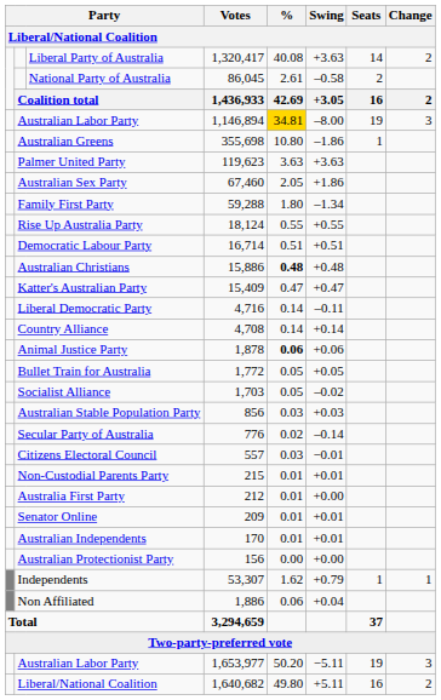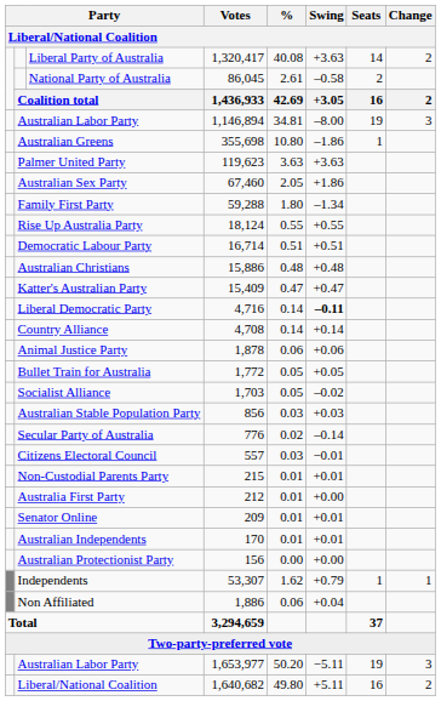 <table class="wikitable">
 <tr>
 <th style="width:200px" colspan=3><strong>Party</strong></th>
 <th style="width:70px; text-align:center;"><strong>Votes</strong></th>
 <th style="width:40px; text-align:center;"><strong>%</strong></th>
 <th style="width:40px; text-align:center;"><strong>Swing</strong></th>
 <th style="width:40px; text-align:center;"><strong>Seats</strong></th>
 <th style="width:40px; text-align:center;"><strong>Change</strong></th>
 </tr>
 <tr>
 <th colspan="8" style="text-align:left;"><a href='#'>Liberal/National Coalition</a></th>
 </tr>
 <tr>
 <td rowspan="3"> </td>
 <td> </td>
 <td><a href='#'>Liberal Party of Australia</a></td>
 <td align=right>1,320,417</td>
 <td align=right>40.08</td>
 <td align=right>+3.63</td>
 <td align=right>14</td>
 <td align=right> 2</td>
 </tr>
 <tr>
 <td> </td>
 <td><a href='#'>National Party of Australia</a></td>
 <td align=right>86,045</td>
 <td align=right>2.61</td>
 <td align=right>–0.58</td>
 <td align=right>2</td>
 <td align=right></td>
 </tr>
 <tr>
 <th colspan="2" style="text-align:left;"><a href='#'>Coalition total</a></th>
 <th style="text-align:right;">1,436,933</th>
 <th style="text-align:right;">42.69</th>
 <th style="text-align:right;">+3.05</th>
 <th style="text-align:right;">16</th>
 <th style="text-align:right;"> 2</th>
 </tr>
 <tr>
 <td> </td>
 <td colspan=2><a href='#'>Australian Labor Party</a></td>
 <td align=right>1,146,894</td>
-<td align=right style="background: gold;">34.81</td>
+<td align=right>34.81</td>
 <td align=right>–8.00</td>
 <td align=right>19</td>
 <td align=right> 3</td>
 </tr>
 <tr>
 <td> </td>
 <td colspan=2><a href='#'>Australian Greens</a></td>
 <td align=right>355,698</td>
 <td align=right>10.80</td>
 <td align=right>–1.86</td>
 <td align=right>1</td>
 <td align=right></td>
 </tr>
 <tr>
 <td> </td>
 <td colspan=2><a href='#'>Palmer United Party</a></td>
 <td align=right>119,623</td>
 <td align=right>3.63</td>
 <td align=right>+3.63</td>
 <td align=right></td>
 <td align=right></td>
 </tr>
 <tr>
 <td> </td>
 <td colspan=2><a href='#'>Australian Sex Party</a></td>
 <td align=right>67,460</td>
 <td align=right>2.05</td>
 <td align=right>+1.86</td>
 <td align=right></td>
 <td align=right></td>
 </tr>
 <tr>
 <td> </td>
 <td colspan=2><a href='#'>Family First Party</a></td>
 <td align=right>59,288</td>
 <td align=right>1.80</td>
 <td align=right>–1.34</td>
 <td align=right></td>
 <td align=right></td>
 </tr>
 <tr>
 <td> </td>
 <td colspan=2><a href='#'>Rise Up Australia Party</a></td>
 <td align=right>18,124</td>
 <td align=right>0.55</td>
 <td align=right>+0.55</td>
 <td align=right></td>
 <td align=right></td>
 </tr>
 <tr>
 <td> </td>
 <td colspan=2><a href='#'>Democratic Labour Party</a></td>
 <td align=right>16,714</td>
 <td align=right>0.51</td>
 <td align=right>+0.51</td>
 <td align=right></td>
 <td align=right></td>
 </tr>
 <tr>
 <td> </td>
 <td colspan=2><a href='#'>Australian Christians</a></td>
 <td align=right>15,886</td>
-<td align=right><strong>0.48</strong></td>
+<td align=right>0.48</td>
 <td align=right>+0.48</td>
 <td align=right></td>
 <td align=right></td>
 </tr>
 <tr>
 <td> </td>
 <td colspan=2><a href='#'>Katter's Australian Party</a></td>
 <td align=right>15,409</td>
 <td align=right>0.47</td>
 <td align=right>+0.47</td>
 <td align=right></td>
 <td align=right></td>
 </tr>
 <tr>
 <td> </td>
 <td colspan=2><a href='#'>Liberal Democratic Party</a></td>
 <td align=right>4,716</td>
 <td align=right>0.14</td>
-<td align=right>–0.11</td>
+<td align=right><strong>–0.11</strong></td>
 <td align=right></td>
 <td align=right></td>
 </tr>
 <tr>
 <td> </td>
 <td colspan=2><a href='#'>Country Alliance</a></td>
 <td align=right>4,708</td>
 <td align=right>0.14</td>
 <td align=right>+0.14</td>
 <td align=right></td>
 <td align=right></td>
 </tr>
 <tr>
 <td> </td>
 <td colspan=2><a href='#'>Animal Justice Party</a></td>
 <td align=right>1,878</td>
-<td align=right><strong>0.06</strong></td>
+<td align=right>0.06</td>
 <td align=right>+0.06</td>
 <td align=right></td>
 <td align=right></td>
 </tr>
 <tr>
 <td> </td>
 <td colspan=2><a href='#'>Bullet Train for Australia</a></td>
 <td align=right>1,772</td>
 <td align=right>0.05</td>
 <td align=right>+0.05</td>
 <td align=right></td>
 <td align=right></td>
 </tr>
 <tr>
 <td> </td>
 <td colspan=2><a href='#'>Socialist Alliance</a></td>
 <td align=right>1,703</td>
 <td align=right>0.05</td>
 <td align=right>–0.02</td>
 <td align=right></td>
 <td align=right></td>
 </tr>
 <tr>
 <td> </td>
 <td colspan=2><a href='#'>Australian Stable Population Party</a></td>
 <td align=right>856</td>
 <td align=right>0.03</td>
 <td align=right>+0.03</td>
 <td align=right></td>
 <td align=right></td>
 </tr>
 <tr>
 <td> </td>
 <td colspan=2><a href='#'>Secular Party of Australia</a></td>
 <td align=right>776</td>
 <td align=right>0.02</td>
 <td align=right>–0.14</td>
 <td align=right></td>
 <td align=right></td>
 </tr>
 <tr>
 <td> </td>
 <td colspan=2><a href='#'>Citizens Electoral Council</a></td>
 <td align=right>557</td>
 <td align=right>0.03</td>
 <td align=right>−0.01</td>
 <td align=right></td>
 <td align=right></td>
 </tr>
 <tr>
 <td> </td>
 <td colspan=2><a href='#'>Non-Custodial Parents Party</a></td>
 <td align=right>215</td>
 <td align=right>0.01</td>
 <td align=right>+0.01</td>
 <td align=right></td>
 <td align=right></td>
 </tr>
 <tr>
 <td> </td>
 <td colspan=2><a href='#'>Australia First Party</a></td>
 <td align=right>212</td>
 <td align=right>0.01</td>
 <td align=right>+0.00</td>
 <td align=right></td>
 <td align=right></td>
 </tr>
 <tr>
 <td> </td>
 <td colspan=2><a href='#'>Senator Online</a></td>
 <td align=right>209</td>
 <td align=right>0.01</td>
 <td align=right>+0.01</td>
 <td align=right></td>
 <td align=right></td>
 </tr>
 <tr>
 <td> </td>
 <td colspan=2><a href='#'>Australian Independents</a></td>
 <td align=right>170</td>
 <td align=right>0.01</td>
 <td align=right>+0.01</td>
 <td align=right></td>
 <td align=right></td>
 </tr>
 <tr>
 <td> </td>
 <td colspan=2><a href='#'>Australian Protectionist Party</a></td>
 <td align=right>156</td>
 <td align=right>0.00</td>
 <td align=right>+0.00</td>
 <td align=right></td>
 <td align=right></td>
 </tr>
 <tr>
 <td style="background:gray;"> </td>
 <td colspan=2>Independents</td>
 <td align=right>53,307</td>
 <td align=right>1.62</td>
 <td align=right>+0.79</td>
 <td align=right>1</td>
 <td align=right> 1</td>
 </tr>
 <tr>
 <td style="background:gray;"> </td>
 <td colspan=2>Non Affiliated</td>
 <td align=right>1,886</td>
 <td align=right>0.06</td>
 <td align=right>+0.04</td>
 <td align=right></td>
 <td align=right></td>
 </tr>
 <tr>
 <td colspan=3><strong>Total</strong></td>
 <td align=right><strong>3,294,659</strong></td>
 <td align=right> </td>
 <td align=right> </td>
 <td align=right><strong>37</strong></td>
 <td align=right></td>
 </tr>
 <tr>
 <td colspan=8 style="text-align:center; background:#eee;"><strong><a href='#'>Two-party-preferred vote</a></strong></td>
 </tr>
 <tr>
 <td> </td>
 <td colspan=2><a href='#'>Australian Labor Party</a></td>
 <td align=right>1,653,977</td>
 <td align=right>50.20</td>
 <td align=right>−5.11</td>
 <td align=right>19</td>
 <td align=right> 3</td>
 </tr>
 <tr>
 <td> </td>
 <td colspan=2><a href='#'>Liberal/National Coalition</a></td>
 <td align=right>1,640,682</td>
 <td align=right>49.80</td>
 <td align=right>+5.11</td>
 <td align=right>16</td>
 <td align=right> 2</td>
 </tr>
 </table>
